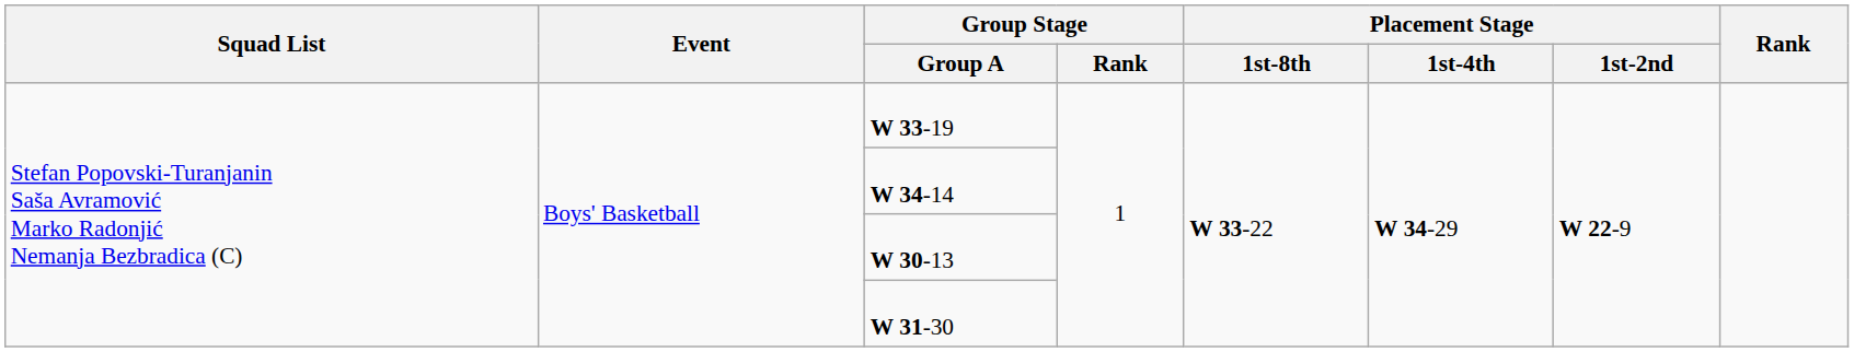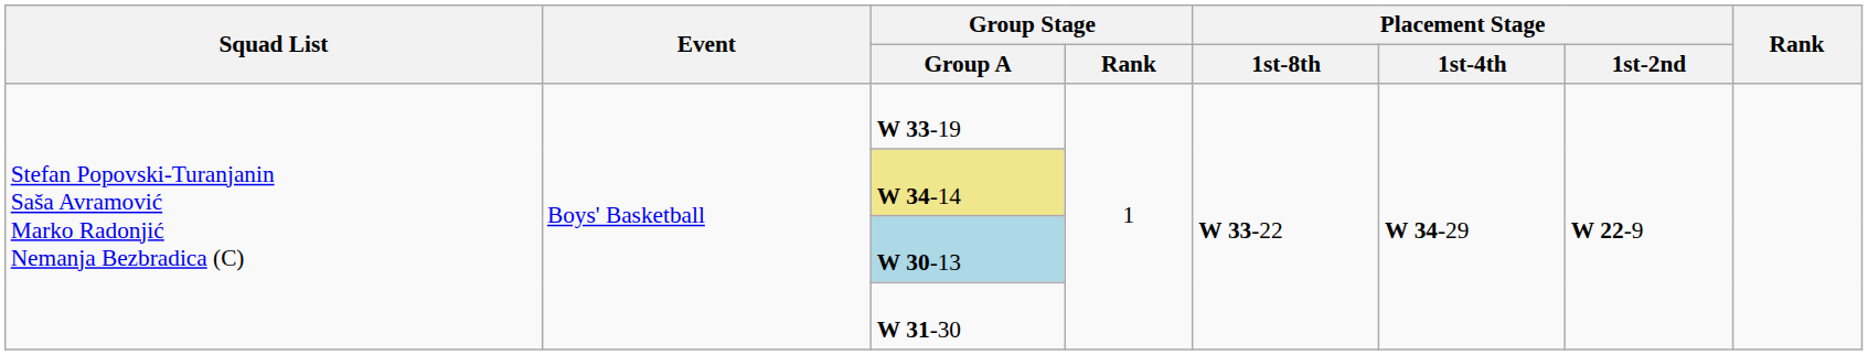 <table class="wikitable" width="90%" style="text-align:left; font-size:90%">
 <tr>
 <th rowspan="2">Squad List</th>
 <th rowspan="2">Event</th>
 <th colspan="2">Group Stage</th>
 <th colspan="3">Placement Stage</th>
 <th rowspan="2">Rank</th>
 </tr>
 <tr>
 <th>Group A</th>
 <th>Rank</th>
 <th>1st-8th</th>
 <th>1st-4th</th>
 <th>1st-2nd</th>
 </tr>
 <tr>
 <td rowspan="4"><a href='#'>Stefan Popovski-Turanjanin</a><br><a href='#'>Saša Avramović</a><br><a href='#'>Marko Radonjić</a><br><a href='#'>Nemanja Bezbradica</a> (C)</td>
 <td rowspan="4"><a href='#'>Boys' Basketball</a></td>
 <td><br> <strong>W</strong> <strong>33</strong>-19</td>
 <td rowspan="4" align=center>1</td>
 <td rowspan="4"> <br> <strong>W</strong> <strong>33</strong>-22</td>
 <td rowspan="4"> <br> <strong>W</strong> <strong>34</strong>-29</td>
 <td rowspan="4"> <br> <strong>W</strong> <strong>22</strong>-9</td>
 <td rowspan="4" align="center"></td>
 </tr>
 <tr>
-<td><br> <strong>W</strong> <strong>34</strong>-14</td>
+<td style="background: khaki;"><br> <strong>W</strong> <strong>34</strong>-14</td>
 </tr>
 <tr>
-<td><br> <strong>W</strong> <strong>30</strong>-13</td>
+<td style="background: lightblue;"><br> <strong>W</strong> <strong>30</strong>-13</td>
 </tr>
 <tr>
 <td><br> <strong>W</strong> <strong>31</strong>-30</td>
 </tr>
 </table>
